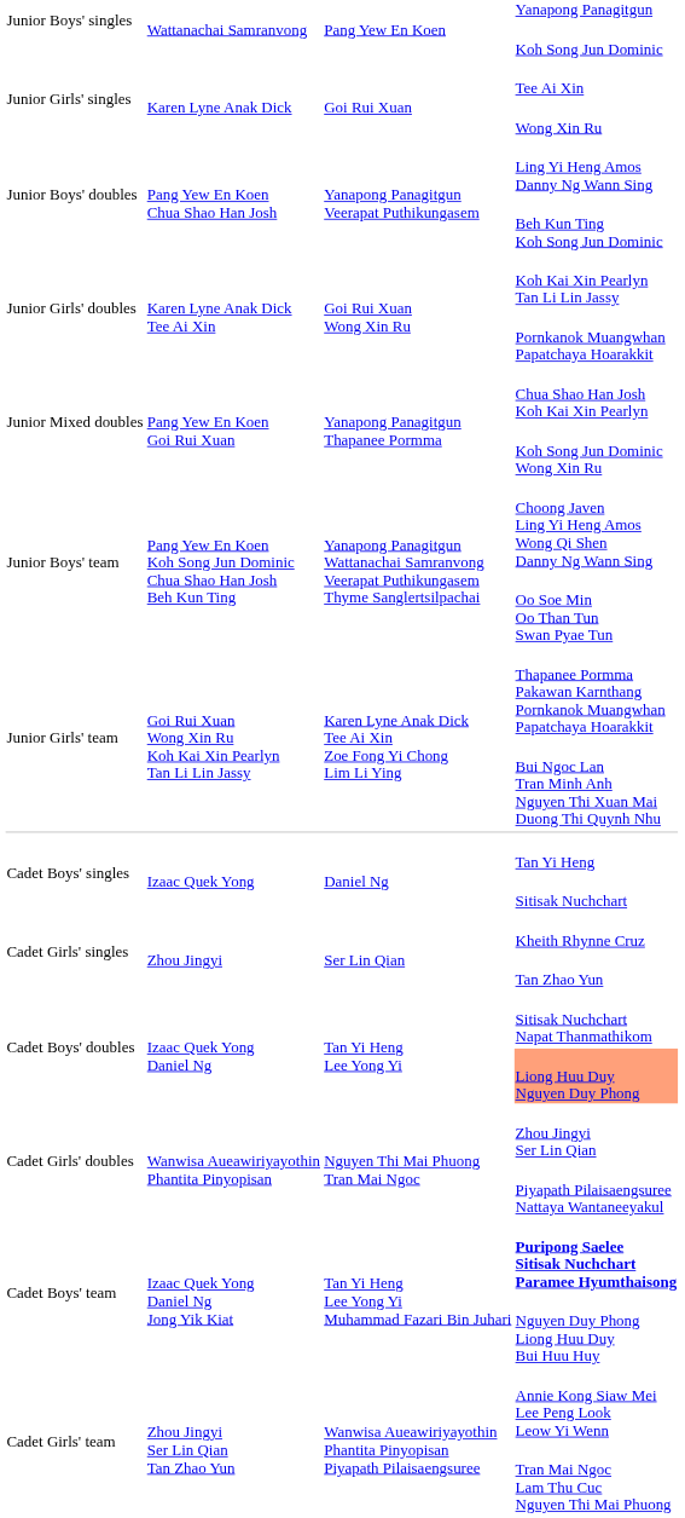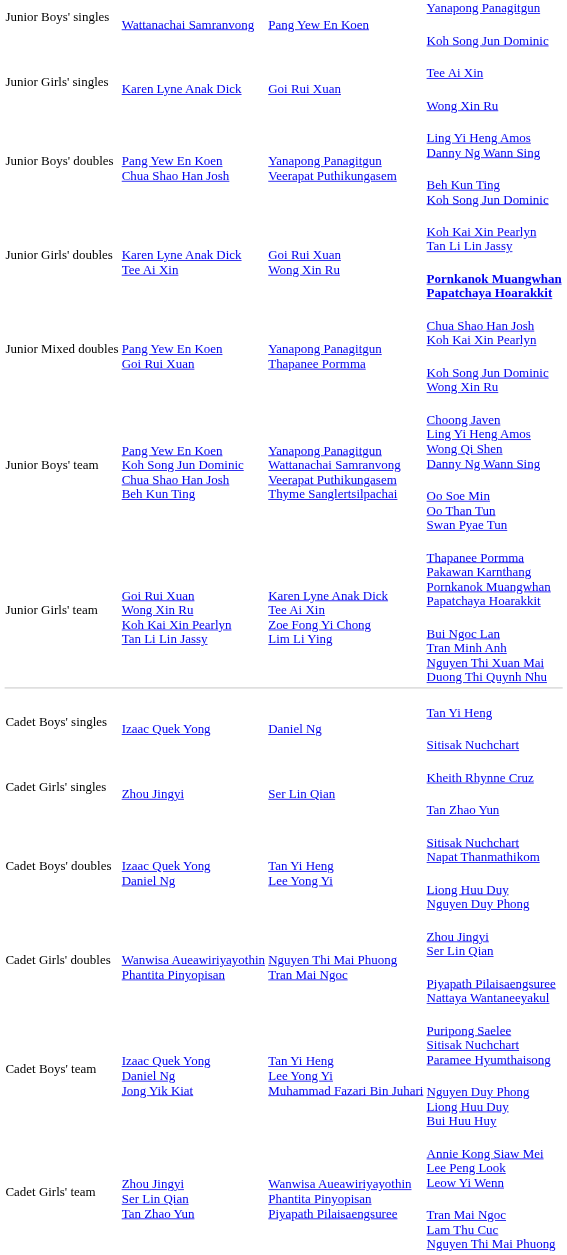 <table>
 <tr>
 <td rowspan=2>Junior Boys' singles</td>
 <td rowspan=2><br><a href='#'>Wattanachai Samranvong</a></td>
 <td rowspan=2><br><a href='#'>Pang Yew En Koen</a></td>
 <td><br><a href='#'>Yanapong Panagitgun</a></td>
 </tr>
 <tr>
 <td><br><a href='#'>Koh Song Jun Dominic</a></td>
 </tr>
 <tr>
 <td rowspan=2>Junior Girls' singles</td>
 <td rowspan=2><br><a href='#'>Karen Lyne Anak Dick</a></td>
 <td rowspan=2><br><a href='#'>Goi Rui Xuan</a></td>
 <td><br><a href='#'>Tee Ai Xin</a></td>
 </tr>
 <tr>
 <td><br><a href='#'>Wong Xin Ru</a></td>
 </tr>
 <tr>
 <td rowspan=2>Junior Boys' doubles</td>
 <td rowspan=2><br><a href='#'>Pang Yew En Koen</a><br><a href='#'>Chua Shao Han Josh</a></td>
 <td rowspan=2><br><a href='#'>Yanapong Panagitgun</a><br><a href='#'>Veerapat Puthikungasem</a></td>
 <td><br><a href='#'>Ling Yi Heng Amos</a><br><a href='#'>Danny Ng Wann Sing</a></td>
 </tr>
 <tr>
 <td><br><a href='#'>Beh Kun Ting</a><br><a href='#'>Koh Song Jun Dominic</a></td>
 </tr>
 <tr>
 <td rowspan=2>Junior Girls' doubles</td>
 <td rowspan=2><br><a href='#'>Karen Lyne Anak Dick</a><br><a href='#'>Tee Ai Xin</a></td>
 <td rowspan=2><br><a href='#'>Goi Rui Xuan</a><br><a href='#'>Wong Xin Ru</a></td>
 <td><br><a href='#'>Koh Kai Xin Pearlyn</a><br><a href='#'>Tan Li Lin Jassy</a></td>
 </tr>
 <tr>
-<td><br><a href='#'>Pornkanok Muangwhan</a><br><a href='#'>Papatchaya Hoarakkit</a></td>
+<td><strong><br><a href='#'>Pornkanok Muangwhan</a><br><a href='#'>Papatchaya Hoarakkit</a></strong></td>
 </tr>
 <tr>
 <td rowspan=2>Junior Mixed doubles</td>
 <td rowspan=2><br><a href='#'>Pang Yew En Koen</a><br><a href='#'>Goi Rui Xuan</a></td>
 <td rowspan=2><br><a href='#'>Yanapong Panagitgun</a><br><a href='#'>Thapanee Pormma</a></td>
 <td><br><a href='#'>Chua Shao Han Josh</a><br><a href='#'>Koh Kai Xin Pearlyn</a></td>
 </tr>
 <tr>
 <td><br><a href='#'>Koh Song Jun Dominic</a><br><a href='#'>Wong Xin Ru</a></td>
 </tr>
 <tr>
 <td rowspan=2>Junior Boys' team</td>
 <td rowspan=2><br><a href='#'>Pang Yew En Koen</a><br><a href='#'>Koh Song Jun Dominic</a><br><a href='#'>Chua Shao Han Josh</a><br><a href='#'>Beh Kun Ting</a></td>
 <td rowspan=2><br><a href='#'>Yanapong Panagitgun</a><br><a href='#'>Wattanachai Samranvong</a><br><a href='#'>Veerapat Puthikungasem</a><br><a href='#'>Thyme Sanglertsilpachai</a></td>
 <td><br><a href='#'>Choong Javen</a><br><a href='#'>Ling Yi Heng Amos</a><br><a href='#'>Wong Qi Shen</a><br><a href='#'>Danny Ng Wann Sing</a></td>
 </tr>
 <tr>
 <td><br><a href='#'>Oo Soe Min</a><br><a href='#'>Oo Than Tun</a><br><a href='#'>Swan Pyae Tun</a></td>
 </tr>
 <tr>
 <td rowspan=2>Junior Girls' team</td>
 <td rowspan=2><br><a href='#'>Goi Rui Xuan</a><br><a href='#'>Wong Xin Ru</a><br><a href='#'>Koh Kai Xin Pearlyn</a><br><a href='#'>Tan Li Lin Jassy</a></td>
 <td rowspan=2><br><a href='#'>Karen Lyne Anak Dick</a><br><a href='#'>Tee Ai Xin</a><br><a href='#'>Zoe Fong Yi Chong</a><br><a href='#'>Lim Li Ying</a></td>
 <td><br><a href='#'>Thapanee Pormma</a><br><a href='#'>Pakawan Karnthang</a><br><a href='#'>Pornkanok Muangwhan</a><br><a href='#'>Papatchaya Hoarakkit</a></td>
 </tr>
 <tr>
 <td><br><a href='#'>Bui Ngoc Lan</a><br><a href='#'>Tran Minh Anh</a><br><a href='#'>Nguyen Thi Xuan Mai</a><br><a href='#'>Duong Thi Quynh Nhu</a></td>
 </tr>
 <tr style="background:#dddddd;">
 <td colspan=7></td>
 </tr>
 <tr>
 <td rowspan=2>Cadet Boys' singles</td>
 <td rowspan=2><br><a href='#'>Izaac Quek Yong</a></td>
 <td rowspan=2><br><a href='#'>Daniel Ng</a></td>
 <td><br><a href='#'>Tan Yi Heng</a></td>
 </tr>
 <tr>
 <td><br><a href='#'>Sitisak Nuchchart</a></td>
 </tr>
 <tr>
 <td rowspan=2>Cadet Girls' singles</td>
 <td rowspan=2><br><a href='#'>Zhou Jingyi</a></td>
 <td rowspan=2><br><a href='#'>Ser Lin Qian</a></td>
 <td><br><a href='#'>Kheith Rhynne Cruz</a></td>
 </tr>
 <tr>
 <td><br><a href='#'>Tan Zhao Yun</a></td>
 </tr>
 <tr>
 <td rowspan=2>Cadet Boys' doubles</td>
 <td rowspan=2><br><a href='#'>Izaac Quek Yong</a><br><a href='#'>Daniel Ng</a></td>
 <td rowspan=2><br><a href='#'>Tan Yi Heng</a><br><a href='#'>Lee Yong Yi</a></td>
 <td><br><a href='#'>Sitisak Nuchchart</a><br><a href='#'>Napat Thanmathikom</a></td>
 </tr>
 <tr>
-<td style="background: lightsalmon;"><br><a href='#'>Liong Huu Duy</a><br><a href='#'>Nguyen Duy Phong</a></td>
+<td><br><a href='#'>Liong Huu Duy</a><br><a href='#'>Nguyen Duy Phong</a></td>
 </tr>
 <tr>
 <td rowspan=2>Cadet Girls' doubles</td>
 <td rowspan=2><br><a href='#'>Wanwisa Aueawiriyayothin</a><br><a href='#'>Phantita Pinyopisan</a></td>
 <td rowspan=2><br><a href='#'>Nguyen Thi Mai Phuong</a><br><a href='#'>Tran Mai Ngoc</a></td>
 <td><br><a href='#'>Zhou Jingyi</a><br><a href='#'>Ser Lin Qian</a></td>
 </tr>
 <tr>
 <td><br><a href='#'>Piyapath Pilaisaengsuree</a><br><a href='#'>Nattaya Wantaneeyakul</a></td>
 </tr>
 <tr>
 <td rowspan=2>Cadet Boys' team</td>
 <td rowspan=2><br><a href='#'>Izaac Quek Yong</a><br><a href='#'>Daniel Ng</a><br><a href='#'>Jong Yik Kiat</a></td>
 <td rowspan=2><br><a href='#'>Tan Yi Heng</a><br><a href='#'>Lee Yong Yi</a><br><a href='#'>Muhammad Fazari Bin Juhari</a></td>
-<td><strong><br><a href='#'>Puripong Saelee</a><br><a href='#'>Sitisak Nuchchart</a><br><a href='#'>Paramee Hyumthaisong</a></strong></td>
+<td><br><a href='#'>Puripong Saelee</a><br><a href='#'>Sitisak Nuchchart</a><br><a href='#'>Paramee Hyumthaisong</a></td>
 </tr>
 <tr>
 <td><br><a href='#'>Nguyen Duy Phong</a><br><a href='#'>Liong Huu Duy</a><br><a href='#'>Bui Huu Huy</a></td>
 </tr>
 <tr>
 <td rowspan=2>Cadet Girls' team</td>
 <td rowspan=2><br><a href='#'>Zhou Jingyi</a><br><a href='#'>Ser Lin Qian</a><br><a href='#'>Tan Zhao Yun</a></td>
 <td rowspan=2><br><a href='#'>Wanwisa Aueawiriyayothin</a><br><a href='#'>Phantita Pinyopisan</a><br><a href='#'>Piyapath Pilaisaengsuree</a></td>
 <td><br><a href='#'>Annie Kong Siaw Mei</a><br><a href='#'>Lee Peng Look</a><br><a href='#'>Leow Yi Wenn</a></td>
 </tr>
 <tr>
 <td><br><a href='#'>Tran Mai Ngoc</a><br><a href='#'>Lam Thu Cuc</a><br><a href='#'>Nguyen Thi Mai Phuong</a></td>
 </tr>
 </table>
